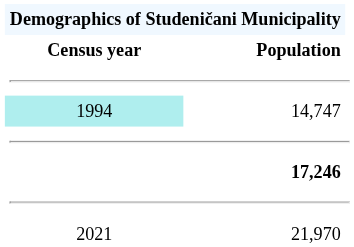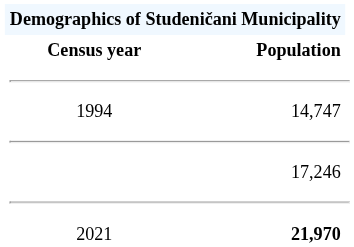 <table class="toccolours" align="center" cellpadding="4" cellspacing="0" style="margin:0 0 1em 1em; font-size: 95%;">
 <tr>
 <th colspan=2 bgcolor="#F0F8FF" align="center">Demographics of <strong>Studeničani Municipality</strong></th>
 <th></th>
 </tr>
 <tr>
 <th align="center">Census year</th>
 <th align="right">Population</th>
 </tr>
 <tr>
 <td colspan=3><hr></td>
 </tr>
 <tr>
-<td align="center" style="background: paleturquoise;">1994</td>
+<td align="center">1994</td>
 <td align="right">14,747</td>
 </tr>
 <tr>
 <td colspan=3><hr></td>
 </tr>
 <tr>
 <td align="center"></td>
-<td align="right"><strong>17,246</strong></td>
+<td align="right">17,246</td>
 </tr>
 <tr>
 <td colspan=3><hr></td>
 </tr>
 <tr>
 <td align="center">2021</td>
-<td align="right">21,970</td>
+<td align="right"><strong>21,970</strong></td>
 </tr>
 <tr>
 </tr>
 </table>
